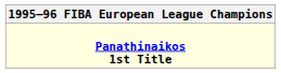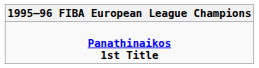 <table class=wikitable style="text-align:center; margin:auto">
 <tr>
 <th>1995–96 FIBA European League Champions</th>
 </tr>
 <tr>
-<td style="background: lightyellow;"> <br> <strong><a href='#'>Panathinaikos</a></strong> <br> <strong>1st Title</strong></td>
+<td> <br> <strong><a href='#'>Panathinaikos</a></strong> <br> <strong>1st Title</strong></td>
 </tr>
 </table>
